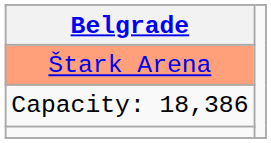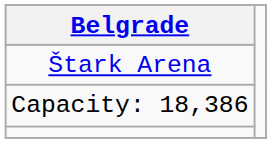 <table class="wikitable" style="margin:1em auto; text-align:center">
 <tr>
 <th><a href='#'>Belgrade</a></th>
 <td rowspan=4></td>
 </tr>
 <tr>
-<td style="background: lightsalmon;"><a href='#'>Štark Arena</a></td>
+<td><a href='#'>Štark Arena</a></td>
 </tr>
 <tr>
 <td>Capacity: 18,386</td>
 </tr>
 <tr>
 <td></td>
 </tr>
 </table>
